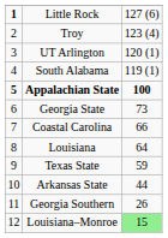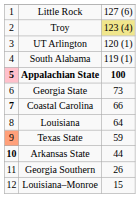 <table class="wikitable">
 <tr align="center">
 </tr>
 <tr align="center">
-<td><strong>1</strong></td>
+<td>1</td>
 <td>Little Rock</td>
 <td>127 (6)</td>
 </tr>
 <tr align="center">
 <td>2</td>
 <td>Troy</td>
-<td>123 (4)</td>
+<td style="background: khaki;">123 (4)</td>
 </tr>
 <tr align="center">
 <td>3</td>
 <td>UT Arlington</td>
 <td>120 (1)</td>
 </tr>
 <tr align="center">
 <td>4</td>
 <td>South Alabama</td>
 <td>119 (1)</td>
 </tr>
 <tr align="center">
-<td><strong>5</strong></td>
+<td style="background: pink;"><strong>5</strong></td>
 <td><strong>Appalachian State</strong></td>
 <td><strong>100</strong></td>
 </tr>
 <tr align="center">
 <td>6</td>
 <td>Georgia State</td>
 <td>73</td>
 </tr>
 <tr align="center">
-<td>7</td>
+<td><strong>7</strong></td>
 <td>Coastal Carolina</td>
 <td>66</td>
 </tr>
 <tr align="center">
 <td>8</td>
 <td>Louisiana</td>
 <td>64</td>
 </tr>
 <tr align="center">
-<td>9</td>
+<td style="background: lightsalmon;">9</td>
 <td>Texas State</td>
 <td>59</td>
 </tr>
 <tr align="center">
-<td>10</td>
+<td><strong>10</strong></td>
 <td>Arkansas State</td>
 <td>44</td>
 </tr>
 <tr align="center">
 <td>11</td>
 <td>Georgia Southern</td>
 <td>26</td>
 </tr>
 <tr align="center">
 <td>12</td>
 <td>Louisiana–Monroe</td>
-<td style="background: lightgreen;">15</td>
+<td>15</td>
 </tr>
 </table>
